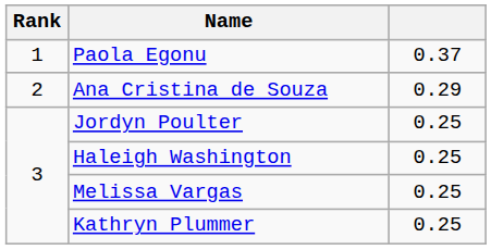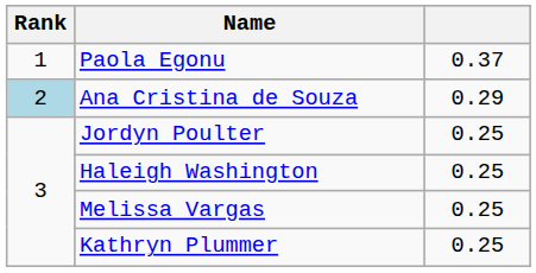 <table class="wikitable" style="margin:0.5em auto;width=480;font-size:90%">
 <tr>
 <th width=30>Rank</th>
 <th width=180>Name</th>
 <th width=50></th>
 </tr>
 <tr>
 <td align=center>1</td>
 <td> <a href='#'>Paola Egonu</a></td>
 <td align=center>0.37</td>
 </tr>
 <tr>
-<td align=center>2</td>
+<td align=center style="background: lightblue;">2</td>
 <td> <a href='#'>Ana Cristina de Souza</a></td>
 <td align=center>0.29</td>
 </tr>
 <tr>
 <td rowspan=4 align=center>3</td>
 <td> <a href='#'>Jordyn Poulter</a></td>
 <td align=center>0.25</td>
 </tr>
 <tr>
 <td> <a href='#'>Haleigh Washington</a></td>
 <td align=center>0.25</td>
 </tr>
 <tr>
 <td> <a href='#'>Melissa Vargas</a></td>
 <td align=center>0.25</td>
 </tr>
 <tr>
 <td> <a href='#'>Kathryn Plummer</a></td>
 <td align=center>0.25</td>
 </tr>
 </table>
